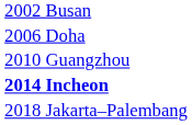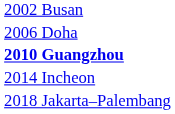 <table>
 <tr>
 <td><a href='#'>2002 Busan</a></td>
 <td></td>
 <td></td>
 <td></td>
 </tr>
 <tr>
 <td><a href='#'>2006 Doha</a></td>
 <td></td>
 <td></td>
 <td></td>
 </tr>
 <tr>
-<td><a href='#'>2010 Guangzhou</a></td>
+<td><strong><a href='#'>2010 Guangzhou</a></strong></td>
 <td></td>
 <td></td>
 <td></td>
 </tr>
 <tr>
-<td><strong><a href='#'>2014 Incheon</a></strong></td>
+<td><a href='#'>2014 Incheon</a></td>
 <td></td>
 <td></td>
 <td></td>
 </tr>
 <tr>
 <td><a href='#'>2018 Jakarta–Palembang</a></td>
 <td></td>
 <td></td>
 <td></td>
 </tr>
 </table>
